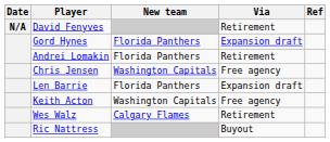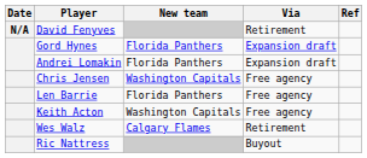 <table class="wikitable plainrowheaders">
 <tr style="background:#ddd; text-align:center;">
 <th>Date</th>
 <th>Player</th>
 <th>New team</th>
 <th>Via</th>
 <th>Ref</th>
 </tr>
 <tr>
 <th scope="row">N/A</th>
 <td><a href='#'>David Fenyves</a></td>
 <td style="background:#ccc"></td>
 <td>Retirement</td>
 <td></td>
 </tr>
 <tr>
 <th scope="row" rowspan="2"></th>
 <td><a href='#'>Gord Hynes</a></td>
 <td><a href='#'>Florida Panthers</a></td>
 <td><a href='#'>Expansion draft</a></td>
 <td></td>
 </tr>
 <tr>
 <td><a href='#'>Andrei Lomakin</a></td>
 <td>Florida Panthers</td>
-<td>Retirement</td>
+<td>Expansion draft</td>
 <td></td>
 </tr>
 <tr>
 <th scope="row"></th>
 <td><a href='#'>Chris Jensen</a></td>
 <td><a href='#'>Washington Capitals</a></td>
 <td>Free agency</td>
 <td></td>
 </tr>
 <tr>
 <th scope="row"></th>
 <td><a href='#'>Len Barrie</a></td>
 <td>Florida Panthers</td>
-<td>Expansion draft</td>
+<td>Free agency</td>
 <td></td>
 </tr>
 <tr>
 <th scope="row"></th>
 <td><a href='#'>Keith Acton</a></td>
 <td>Washington Capitals</td>
 <td>Free agency</td>
 <td></td>
 </tr>
 <tr>
 <th scope="row"></th>
 <td><a href='#'>Wes Walz</a></td>
 <td><a href='#'>Calgary Flames</a></td>
 <td>Retirement</td>
 <td></td>
 </tr>
 <tr>
 <th scope="row"></th>
 <td><a href='#'>Ric Nattress</a></td>
 <td style="background:#ccc"></td>
 <td>Buyout</td>
 <td></td>
 </tr>
 </table>
